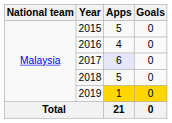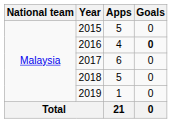 <table class=wikitable style="text-align: center;">
 <tr>
 <th>National team</th>
 <th>Year</th>
 <th>Apps</th>
 <th>Goals</th>
 </tr>
 <tr>
 <td rowspan="5"><a href='#'>Malaysia</a></td>
 <td>2015</td>
 <td>5</td>
 <td>0</td>
 </tr>
 <tr>
 <td>2016</td>
 <td>4</td>
-<td>0</td>
+<td><strong>0</strong></td>
 </tr>
 <tr>
 <td>2017</td>
-<td style="background: lavender;">6</td>
+<td>6</td>
 <td>0</td>
 </tr>
 <tr>
 <td>2018</td>
 <td>5</td>
 <td>0</td>
 </tr>
 <tr>
 <td>2019</td>
-<td style="background: gold;">1</td>
-<td style="background: gold;">0</td>
+<td>1</td>
+<td>0</td>
 </tr>
 <tr>
 <th colspan="2">Total</th>
 <th>21</th>
 <th>0</th>
 </tr>
 </table>
